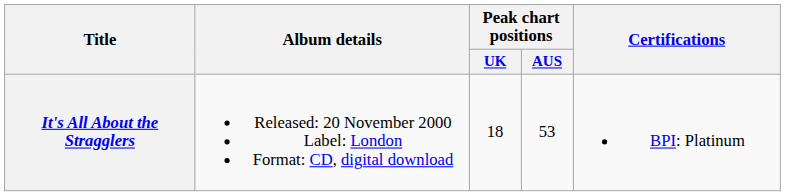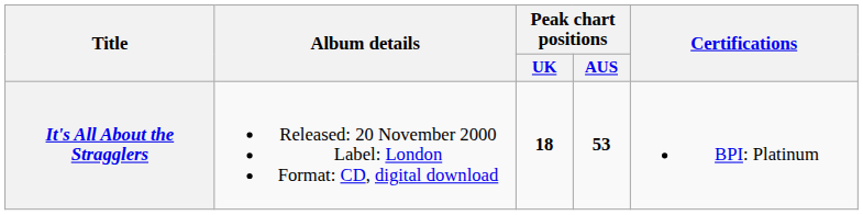 <table class="wikitable plainrowheaders" style="text-align:center;">
 <tr>
 <th scope="col" rowspan="2" style="width:11em;">Title</th>
 <th scope="col" rowspan="2" style="width:16em;">Album details</th>
 <th scope="col" colspan="2">Peak chart positions</th>
 <th scope="col" rowspan="2" style="width:12em;"><a href='#'>Certifications</a></th>
 </tr>
 <tr>
 <th style="width:3em;font-size:90%;"><a href='#'>UK</a><br></th>
 <th style="width:3em;font-size:90%;"><a href='#'>AUS</a><br></th>
 </tr>
 <tr>
 <th scope="row"><em><a href='#'>It's All About the Stragglers</a></em></th>
 <td><br><ul><li>Released: 20 November 2000</li><li>Label: <a href='#'>London</a></li><li>Format: <a href='#'>CD</a>, <a href='#'>digital download</a></li></ul></td>
-<td>18</td>
-<td>53</td>
+<td><strong>18</strong></td>
+<td><strong>53</strong></td>
 <td><br><ul><li><a href='#'>BPI</a>: Platinum</li></ul></td>
 </tr>
 </table>
